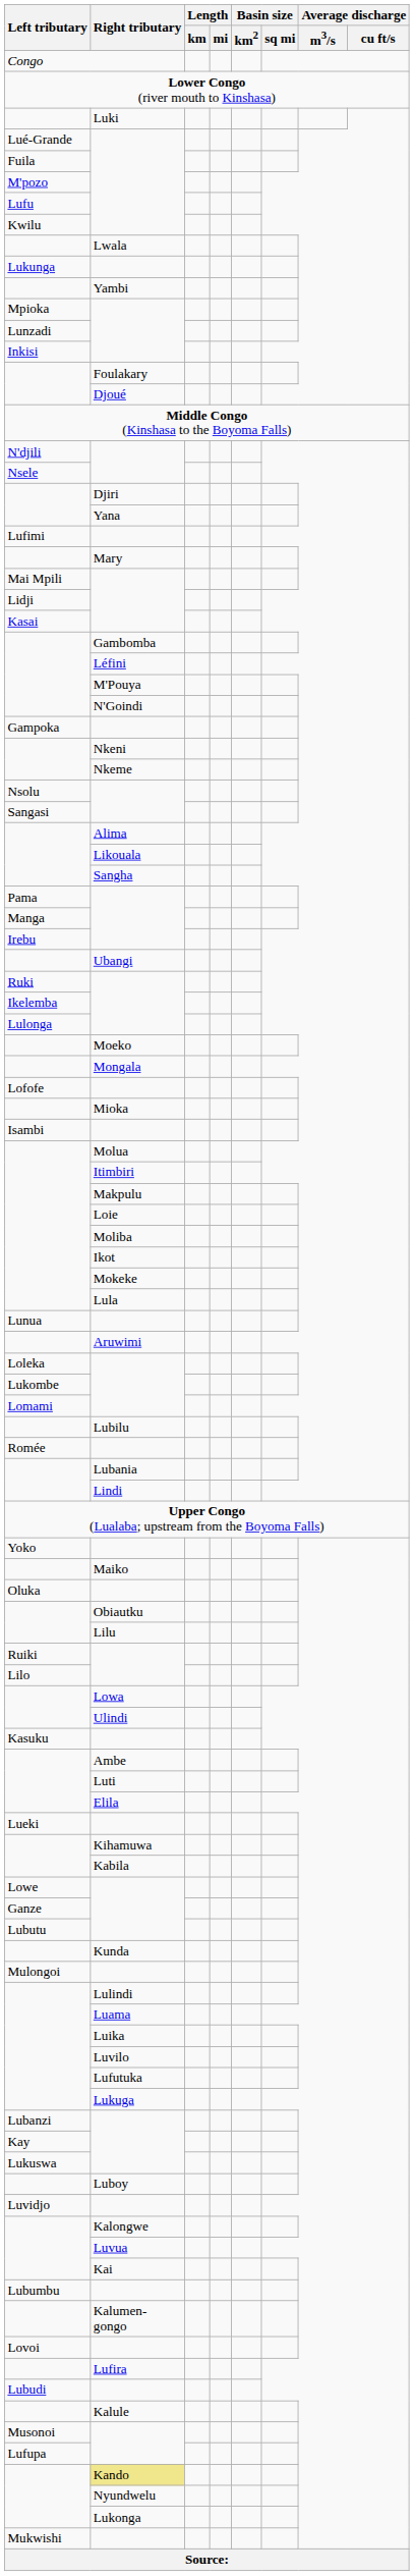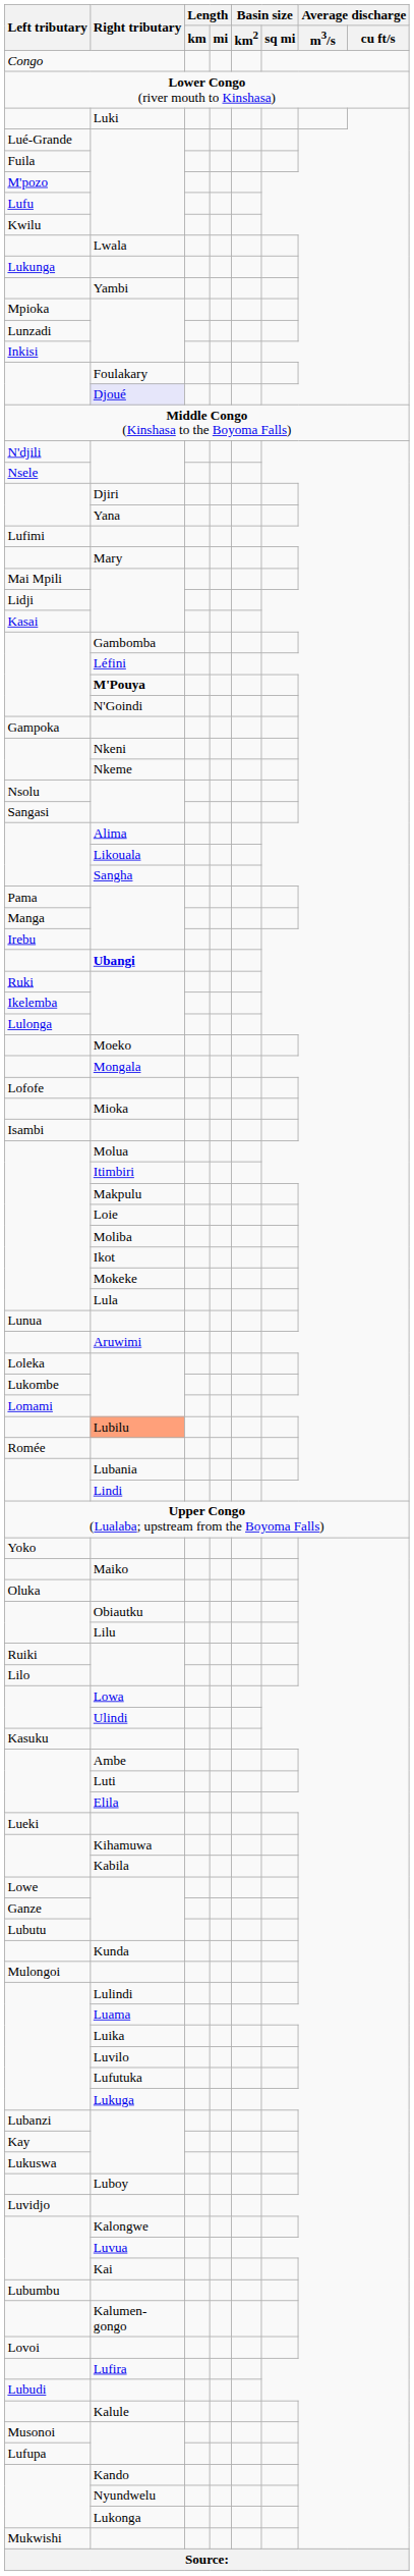 <table class="wikitable";">
 <tr>
 <th rowspan=2>Left tributary</th>
 <th rowspan=2>Right tributary</th>
 <th colspan=2>Length</th>
 <th colspan=2>Basin size</th>
 <th colspan=2>Average discharge</th>
 </tr>
 <tr>
 <th>km</th>
 <th>mi</th>
 <th>km<sup>2</sup></th>
 <th>sq mi</th>
 <th>m<sup>3</sup>/s</th>
 <th>cu ft/s</th>
 </tr>
 <tr>
 <td colspan="2"><em>Congo</em></td>
 <td></td>
 <td></td>
 <td></td>
 </tr>
 <tr>
 <td colspan="8" style=text-align:center><strong>Lower Congo</strong><br>(river mouth to <a href='#'>Kinshasa</a>)</td>
 </tr>
 <tr>
 <td></td>
 <td>Luki</td>
 <td></td>
 <td></td>
 <td></td>
 <td></td>
 <td></td>
 </tr>
 <tr>
 <td>Lué-Grande</td>
 <td rowspan="5"></td>
 <td></td>
 <td></td>
 <td></td>
 <td></td>
 </tr>
 <tr>
 <td>Fuila</td>
 <td></td>
 <td></td>
 <td></td>
 <td></td>
 </tr>
 <tr>
 <td><a href='#'>M'pozo</a></td>
 <td></td>
 <td></td>
 <td></td>
 </tr>
 <tr>
 <td><a href='#'>Lufu</a></td>
 <td></td>
 <td></td>
 <td></td>
 </tr>
 <tr>
 <td>Kwilu</td>
 <td></td>
 <td></td>
 <td></td>
 </tr>
 <tr>
 <td></td>
 <td>Lwala</td>
 <td></td>
 <td></td>
 <td></td>
 <td></td>
 </tr>
 <tr>
 <td><a href='#'>Lukunga</a></td>
 <td></td>
 <td></td>
 <td></td>
 <td></td>
 <td></td>
 </tr>
 <tr>
 <td></td>
 <td>Yambi</td>
 <td></td>
 <td></td>
 <td></td>
 <td></td>
 </tr>
 <tr>
 <td>Mpioka</td>
 <td rowspan="3"></td>
 <td></td>
 <td></td>
 <td></td>
 <td></td>
 </tr>
 <tr>
 <td>Lunzadi</td>
 <td></td>
 <td></td>
 <td></td>
 <td></td>
 </tr>
 <tr>
 <td><a href='#'>Inkisi</a></td>
 <td></td>
 <td></td>
 <td></td>
 </tr>
 <tr>
 <td rowspan="2"></td>
 <td>Foulakary</td>
 <td></td>
 <td></td>
 <td></td>
 <td></td>
 </tr>
 <tr>
-<td><a href='#'>Djoué</a></td>
+<td style="background: lavender;"><a href='#'>Djoué</a></td>
 <td></td>
 <td></td>
 <td></td>
 </tr>
 <tr>
 <td colspan="8" style=text-align:center><strong>Middle Congo</strong><br>(<a href='#'>Kinshasa</a> to the <a href='#'>Boyoma Falls</a>)</td>
 </tr>
 <tr>
 <td><a href='#'>N'djili</a></td>
 <td rowspan="2"></td>
 <td></td>
 <td></td>
 <td></td>
 </tr>
 <tr>
 <td><a href='#'>Nsele</a></td>
 <td></td>
 <td></td>
 <td></td>
 </tr>
 <tr>
 <td rowspan="2"></td>
 <td>Djiri</td>
 <td></td>
 <td></td>
 <td></td>
 <td></td>
 </tr>
 <tr>
 <td>Yana</td>
 <td></td>
 <td></td>
 <td></td>
 <td></td>
 </tr>
 <tr>
 <td>Lufimi</td>
 <td></td>
 <td></td>
 <td></td>
 <td></td>
 </tr>
 <tr>
 <td></td>
 <td>Mary</td>
 <td></td>
 <td></td>
 <td></td>
 <td></td>
 </tr>
 <tr>
 <td>Mai Mpili</td>
 <td rowspan="3"></td>
 <td></td>
 <td></td>
 <td></td>
 <td></td>
 </tr>
 <tr>
 <td>Lidji</td>
 <td></td>
 <td></td>
 <td></td>
 </tr>
 <tr>
 <td><a href='#'>Kasai</a></td>
 <td></td>
 <td></td>
 <td></td>
 </tr>
 <tr>
 <td rowspan="4"></td>
 <td>Gambomba</td>
 <td></td>
 <td></td>
 <td></td>
 <td></td>
 </tr>
 <tr>
 <td><a href='#'>Léfini</a></td>
 <td></td>
 <td></td>
 <td></td>
 </tr>
 <tr>
-<td>M'Pouya</td>
+<td><strong>M'Pouya</strong></td>
 <td></td>
 <td></td>
 <td></td>
 <td></td>
 </tr>
 <tr>
 <td>N'Goindi</td>
 <td></td>
 <td></td>
 <td></td>
 <td></td>
 </tr>
 <tr>
 <td>Gampoka</td>
 <td></td>
 <td></td>
 <td></td>
 <td></td>
 <td></td>
 </tr>
 <tr>
 <td rowspan="2"></td>
 <td>Nkeni</td>
 <td></td>
 <td></td>
 <td></td>
 <td></td>
 </tr>
 <tr>
 <td>Nkeme</td>
 <td></td>
 <td></td>
 <td></td>
 <td></td>
 </tr>
 <tr>
 <td>Nsolu</td>
 <td rowspan="2"></td>
 <td></td>
 <td></td>
 <td></td>
 <td></td>
 </tr>
 <tr>
 <td>Sangasi</td>
 <td></td>
 <td></td>
 <td></td>
 <td></td>
 </tr>
 <tr>
 <td rowspan="3"></td>
 <td><a href='#'>Alima</a></td>
 <td></td>
 <td></td>
 <td></td>
 </tr>
 <tr>
 <td><a href='#'>Likouala</a></td>
 <td></td>
 <td></td>
 <td></td>
 </tr>
 <tr>
 <td><a href='#'>Sangha</a></td>
 <td></td>
 <td></td>
 <td></td>
 </tr>
 <tr>
 <td>Pama</td>
 <td rowspan="3"></td>
 <td></td>
 <td></td>
 <td></td>
 <td></td>
 </tr>
 <tr>
 <td>Manga</td>
 <td></td>
 <td></td>
 <td></td>
 <td></td>
 </tr>
 <tr>
 <td><a href='#'>Irebu</a></td>
 <td></td>
 <td></td>
 <td></td>
 </tr>
 <tr>
 <td></td>
-<td><a href='#'>Ubangi</a></td>
+<td><strong><a href='#'>Ubangi</a></strong></td>
 <td></td>
 <td></td>
 <td></td>
 </tr>
 <tr>
 <td><a href='#'>Ruki</a></td>
 <td rowspan="3"></td>
 <td></td>
 <td></td>
 <td></td>
 </tr>
 <tr>
 <td><a href='#'>Ikelemba</a></td>
 <td></td>
 <td></td>
 <td></td>
 </tr>
 <tr>
 <td><a href='#'>Lulonga</a></td>
 <td></td>
 <td></td>
 <td></td>
 </tr>
 <tr>
 <td></td>
 <td>Moeko</td>
 <td></td>
 <td></td>
 <td></td>
 <td></td>
 </tr>
 <tr>
 <td></td>
 <td><a href='#'>Mongala</a></td>
 <td></td>
 <td></td>
 <td></td>
 </tr>
 <tr>
 <td>Lofofe</td>
 <td></td>
 <td></td>
 <td></td>
 <td></td>
 <td></td>
 </tr>
 <tr>
 <td></td>
 <td>Mioka</td>
 <td></td>
 <td></td>
 <td></td>
 <td></td>
 </tr>
 <tr>
 <td>Isambi</td>
 <td></td>
 <td></td>
 <td></td>
 <td></td>
 <td></td>
 </tr>
 <tr>
 <td rowspan="8"></td>
 <td>Molua</td>
 <td></td>
 <td></td>
 <td></td>
 </tr>
 <tr>
 <td><a href='#'>Itimbiri</a></td>
 <td></td>
 <td></td>
 <td></td>
 </tr>
 <tr>
 <td>Makpulu</td>
 <td></td>
 <td></td>
 <td></td>
 <td></td>
 </tr>
 <tr>
 <td>Loie</td>
 <td></td>
 <td></td>
 <td></td>
 <td></td>
 </tr>
 <tr>
 <td>Moliba</td>
 <td></td>
 <td></td>
 <td></td>
 <td></td>
 </tr>
 <tr>
 <td>Ikot</td>
 <td></td>
 <td></td>
 <td></td>
 <td></td>
 </tr>
 <tr>
 <td>Mokeke</td>
 <td></td>
 <td></td>
 <td></td>
 <td></td>
 </tr>
 <tr>
 <td>Lula</td>
 <td></td>
 <td></td>
 <td></td>
 <td></td>
 </tr>
 <tr>
 <td>Lunua</td>
 <td></td>
 <td></td>
 <td></td>
 <td></td>
 <td></td>
 </tr>
 <tr>
 <td></td>
 <td><a href='#'>Aruwimi</a></td>
 <td></td>
 <td></td>
 <td></td>
 </tr>
 <tr>
 <td>Loleka</td>
 <td rowspan="3"></td>
 <td></td>
 <td></td>
 <td></td>
 <td></td>
 </tr>
 <tr>
 <td>Lukombe</td>
 <td></td>
 <td></td>
 <td></td>
 <td></td>
 </tr>
 <tr>
 <td><a href='#'>Lomami</a></td>
 <td></td>
 <td></td>
 <td></td>
 </tr>
 <tr>
 <td></td>
-<td>Lubilu</td>
+<td style="background: lightsalmon;">Lubilu</td>
 <td></td>
 <td></td>
 <td></td>
 <td></td>
 </tr>
 <tr>
 <td>Romée</td>
 <td></td>
 <td></td>
 <td></td>
 <td></td>
 <td></td>
 </tr>
 <tr>
 <td rowspan="2"></td>
 <td>Lubania</td>
 <td></td>
 <td></td>
 <td></td>
 <td></td>
 </tr>
 <tr>
 <td><a href='#'>Lindi</a></td>
 <td></td>
 <td></td>
 <td></td>
 </tr>
 <tr>
 <td colspan="8" style=text-align:center><strong>Upper Congo</strong><br>(<a href='#'>Lualaba</a>; upstream from the <a href='#'>Boyoma Falls</a>)</td>
 </tr>
 <tr>
 <td>Yoko</td>
 <td></td>
 <td></td>
 <td></td>
 <td></td>
 <td></td>
 </tr>
 <tr>
 <td></td>
 <td>Maiko</td>
 <td></td>
 <td></td>
 <td></td>
 <td></td>
 </tr>
 <tr>
 <td>Oluka</td>
 <td></td>
 <td></td>
 <td></td>
 <td></td>
 <td></td>
 </tr>
 <tr>
 <td rowspan="2"></td>
 <td>Obiautku</td>
 <td></td>
 <td></td>
 <td></td>
 <td></td>
 </tr>
 <tr>
 <td>Lilu</td>
 <td></td>
 <td></td>
 <td></td>
 <td></td>
 </tr>
 <tr>
 <td>Ruiki</td>
 <td rowspan="2"></td>
 <td></td>
 <td></td>
 <td></td>
 <td></td>
 </tr>
 <tr>
 <td>Lilo</td>
 <td></td>
 <td></td>
 <td></td>
 <td></td>
 </tr>
 <tr>
 <td rowspan="2"></td>
 <td><a href='#'>Lowa</a></td>
 <td></td>
 <td></td>
 <td></td>
 </tr>
 <tr>
 <td><a href='#'>Ulindi</a></td>
 <td></td>
 <td></td>
 <td></td>
 </tr>
 <tr>
 <td>Kasuku</td>
 <td></td>
 <td></td>
 <td></td>
 <td></td>
 </tr>
 <tr>
 <td rowspan="3"></td>
 <td>Ambe</td>
 <td></td>
 <td></td>
 <td></td>
 <td></td>
 </tr>
 <tr>
 <td>Luti</td>
 <td></td>
 <td></td>
 <td></td>
 <td></td>
 </tr>
 <tr>
 <td><a href='#'>Elila</a></td>
 <td></td>
 <td></td>
 <td></td>
 </tr>
 <tr>
 <td>Lueki</td>
 <td></td>
 <td></td>
 <td></td>
 <td></td>
 <td></td>
 </tr>
 <tr>
 <td rowspan="2"></td>
 <td>Kihamuwa</td>
 <td></td>
 <td></td>
 <td></td>
 <td></td>
 </tr>
 <tr>
 <td>Kabila</td>
 <td></td>
 <td></td>
 <td></td>
 <td></td>
 </tr>
 <tr>
 <td>Lowe</td>
 <td rowspan="3"></td>
 <td></td>
 <td></td>
 <td></td>
 <td></td>
 </tr>
 <tr>
 <td>Ganze</td>
 <td></td>
 <td></td>
 <td></td>
 <td></td>
 </tr>
 <tr>
 <td>Lubutu</td>
 <td></td>
 <td></td>
 <td></td>
 <td></td>
 </tr>
 <tr>
 <td></td>
 <td>Kunda</td>
 <td></td>
 <td></td>
 <td></td>
 <td></td>
 </tr>
 <tr>
 <td>Mulongoi</td>
 <td></td>
 <td></td>
 <td></td>
 <td></td>
 <td></td>
 </tr>
 <tr>
 <td rowspan="6"></td>
 <td>Lulindi</td>
 <td></td>
 <td></td>
 <td></td>
 <td></td>
 </tr>
 <tr>
 <td><a href='#'>Luama</a></td>
 <td></td>
 <td></td>
 <td></td>
 </tr>
 <tr>
 <td>Luika</td>
 <td></td>
 <td></td>
 <td></td>
 <td></td>
 </tr>
 <tr>
 <td>Luvilo</td>
 <td></td>
 <td></td>
 <td></td>
 <td></td>
 </tr>
 <tr>
 <td>Lufutuka</td>
 <td></td>
 <td></td>
 <td></td>
 <td></td>
 </tr>
 <tr>
 <td><a href='#'>Lukuga</a></td>
 <td></td>
 <td></td>
 <td></td>
 </tr>
 <tr>
 <td>Lubanzi</td>
 <td rowspan="3"></td>
 <td></td>
 <td></td>
 <td></td>
 <td></td>
 </tr>
 <tr>
 <td>Kay</td>
 <td></td>
 <td></td>
 <td></td>
 <td></td>
 </tr>
 <tr>
 <td>Lukuswa</td>
 <td></td>
 <td></td>
 <td></td>
 <td></td>
 </tr>
 <tr>
 <td></td>
 <td>Luboy</td>
 <td></td>
 <td></td>
 <td></td>
 <td></td>
 </tr>
 <tr>
 <td>Luvidjo</td>
 <td></td>
 <td></td>
 <td></td>
 <td></td>
 </tr>
 <tr>
 <td rowspan="3"></td>
 <td>Kalongwe</td>
 <td></td>
 <td></td>
 <td></td>
 <td></td>
 </tr>
 <tr>
 <td><a href='#'>Luvua</a></td>
 <td></td>
 <td></td>
 <td></td>
 </tr>
 <tr>
 <td>Kai</td>
 <td></td>
 <td></td>
 <td></td>
 <td></td>
 </tr>
 <tr>
 <td>Lubumbu</td>
 <td></td>
 <td></td>
 <td></td>
 <td></td>
 <td></td>
 </tr>
 <tr>
 <td></td>
 <td>Kalumen-<br>gongo</td>
 <td></td>
 <td></td>
 <td></td>
 <td></td>
 </tr>
 <tr>
 <td>Lovoi</td>
 <td></td>
 <td></td>
 <td></td>
 <td></td>
 <td></td>
 </tr>
 <tr>
 <td></td>
 <td><a href='#'>Lufira</a></td>
 <td></td>
 <td></td>
 <td></td>
 </tr>
 <tr>
 <td><a href='#'>Lubudi</a></td>
 <td></td>
 <td></td>
 <td></td>
 <td></td>
 </tr>
 <tr>
 <td></td>
 <td>Kalule</td>
 <td></td>
 <td></td>
 <td></td>
 <td></td>
 </tr>
 <tr>
 <td>Musonoi</td>
 <td rowspan="2"></td>
 <td></td>
 <td></td>
 <td></td>
 <td></td>
 </tr>
 <tr>
 <td>Lufupa</td>
 <td></td>
 <td></td>
 <td></td>
 <td></td>
 </tr>
 <tr>
 <td rowspan="3"></td>
-<td style="background: khaki;">Kando</td>
+<td>Kando</td>
 <td></td>
 <td></td>
 <td></td>
 <td></td>
 </tr>
 <tr>
 <td>Nyundwelu</td>
 <td></td>
 <td></td>
 <td></td>
 <td></td>
 </tr>
 <tr>
 <td>Lukonga</td>
 <td></td>
 <td></td>
 <td></td>
 <td></td>
 </tr>
 <tr>
 <td>Mukwishi</td>
 <td></td>
 <td></td>
 <td></td>
 <td></td>
 <td></td>
 </tr>
 <tr class=sortbottom>
 <th scope=row colspan=8><strong>Source:</strong></th>
 </tr>
 </table>
